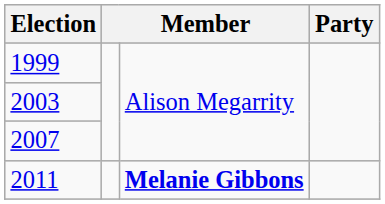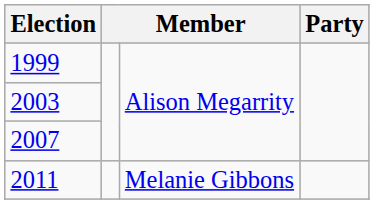 <table class="wikitable">
 <tr>
 <th>Election</th>
 <th colspan="2">Member</th>
 <th>Party</th>
 </tr>
 <tr>
 <td><a href='#'>1999</a></td>
 <td rowspan="3" > </td>
 <td rowspan="3"><a href='#'>Alison Megarrity</a></td>
 <td rowspan="3"></td>
 </tr>
 <tr>
 <td><a href='#'>2003</a></td>
 </tr>
 <tr>
 <td><a href='#'>2007</a></td>
 </tr>
 <tr>
 <td><a href='#'>2011</a></td>
 <td> </td>
-<td><strong><a href='#'>Melanie Gibbons</a></strong></td>
+<td><a href='#'>Melanie Gibbons</a></td>
 <td></td>
 </tr>
 </table>
